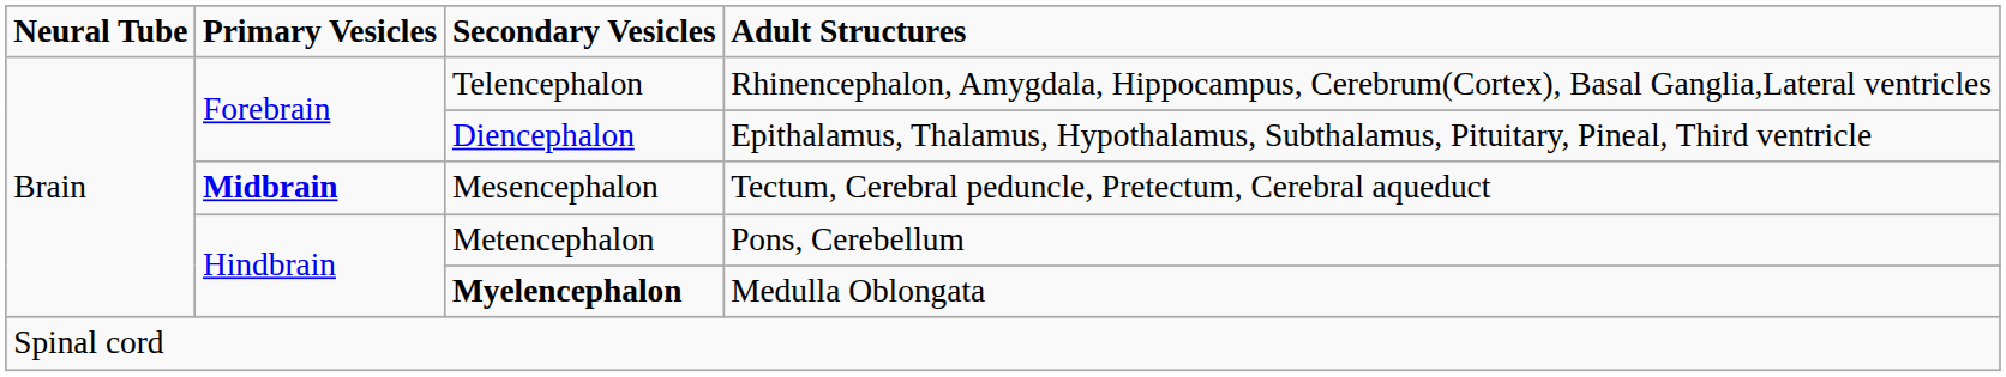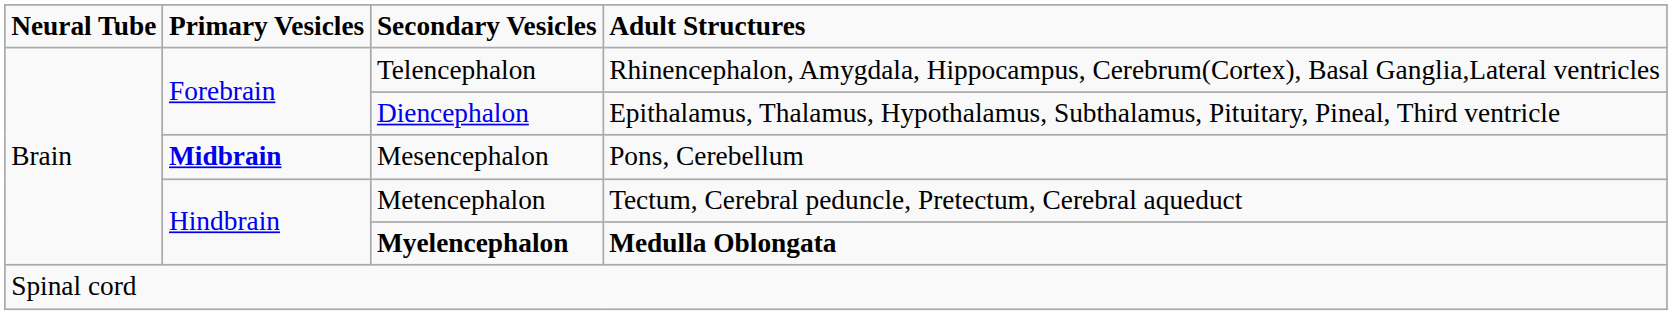 <table {|{| class="wikitable plainrowheaders sortable">
 <tr>
 <td><strong>Neural Tube</strong></td>
 <td><strong>Primary Vesicles</strong></td>
 <td><strong>Secondary Vesicles</strong></td>
 <td><strong>Adult Structures</strong></td>
 </tr>
 <tr>
 <td rowspan="5">Brain</td>
 <td rowspan="2"><a href='#'>Forebrain</a></td>
 <td>Telencephalon</td>
 <td>Rhinencephalon, Amygdala, Hippocampus, Cerebrum(Cortex), Basal Ganglia,Lateral ventricles</td>
 </tr>
 <tr>
 <td><a href='#'>Diencephalon</a></td>
 <td>Epithalamus, Thalamus, Hypothalamus, Subthalamus, Pituitary, Pineal, Third ventricle</td>
 </tr>
 <tr>
 <td><strong><a href='#'>Midbrain</a></strong></td>
 <td>Mesencephalon</td>
-<td>Tectum, Cerebral peduncle, Pretectum, Cerebral aqueduct</td>
+<td>Pons, Cerebellum</td>
 </tr>
 <tr>
 <td rowspan="2"><a href='#'>Hindbrain</a></td>
 <td>Metencephalon</td>
-<td>Pons, Cerebellum</td>
+<td>Tectum, Cerebral peduncle, Pretectum, Cerebral aqueduct</td>
 </tr>
 <tr>
 <td><strong>Myelencephalon</strong></td>
-<td>Medulla Oblongata</td>
+<td><strong>Medulla Oblongata</strong></td>
 </tr>
 <tr>
 <td colspan="4">Spinal cord</td>
 </tr>
 </table>
